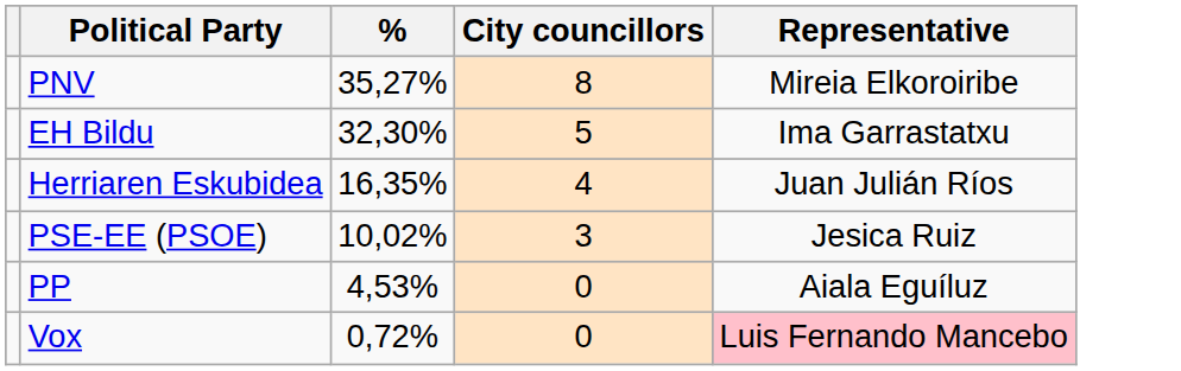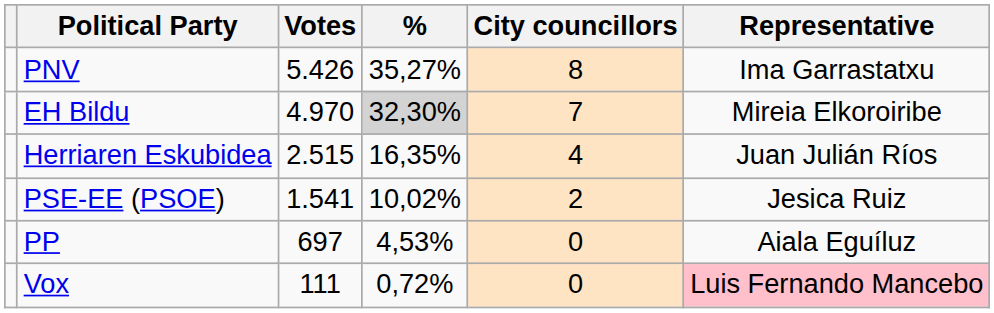 <table class="wikitable">
 <tr ---->
 <th></th>
 <th>Political Party</th>
+<th>Votes</th>
 <th>%</th>
 <th>City councillors</th>
 <th>Representative</th>
 </tr>
 <tr ---->
 <td></td>
 <td><a href='#'>PNV</a></td>
+<td align="center">5.426</td>
 <td align="center">35,27%</td>
 <td align="center" bgcolor="#FFE4C4">8</td>
+<td align="center">Ima Garrastatxu</td>
+</tr>
+<tr ---->
+<td></td>
+<td><a href='#'>EH Bildu</a></td>
+<td align="center">4.970</td>
+<td align="center" style="background: lightgrey;">32,30%</td>
+<td align="center" bgcolor="#FFE4C4">7</td>
 <td align="center">Mireia Elkoroiribe</td>
 </tr>
 <tr ---->
 <td></td>
-<td><a href='#'>EH Bildu</a></td>
-<td align="center">32,30%</td>
-<td align="center" bgcolor="#FFE4C4">5</td>
-<td align="center">Ima Garrastatxu</td>
-</tr>
-<tr ---->
-<td></td>
 <td><a href='#'>Herriaren Eskubidea</a></td>
+<td align="center">2.515</td>
 <td align="center">16,35%</td>
 <td align="center" bgcolor="#FFE4C4">4</td>
 <td align="center">Juan Julián Ríos</td>
 </tr>
 <tr ---->
 <td></td>
 <td><a href='#'>PSE-EE</a> (<a href='#'>PSOE</a>)</td>
+<td align="center">1.541</td>
 <td align="center">10,02%</td>
-<td align="center" bgcolor="#FFE4C4">3</td>
+<td align="center" bgcolor="#FFE4C4">2</td>
 <td align="center">Jesica Ruiz</td>
 </tr>
 <tr ---->
 <td></td>
 <td><a href='#'>PP</a></td>
+<td align="center">697</td>
 <td align="center">4,53%</td>
 <td align="center" bgcolor="#FFE4C4">0</td>
 <td align="center">Aiala Eguíluz</td>
 </tr>
 <tr ---->
 <td></td>
 <td><a href='#'>Vox</a></td>
+<td align="center">111</td>
 <td align="center">0,72%</td>
 <td align="center" bgcolor="#FFE4C4">0</td>
 <td align="center" style="background: pink;">Luis Fernando Mancebo</td>
 </tr>
 </table>
